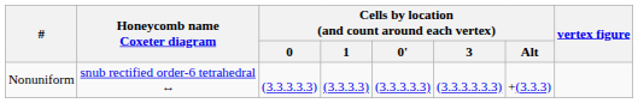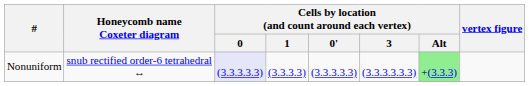 <table class="wikitable">
 <tr>
 <th rowspan=2>#</th>
 <th rowspan=2>Honeycomb name<br><a href='#'>Coxeter diagram</a></th>
 <th colspan=5>Cells by location<br>(and count around each vertex)</th>
 <th rowspan=2><a href='#'>vertex figure</a></th>
 </tr>
 <tr>
 <th>0<br></th>
 <th>1<br></th>
 <th>0'<br></th>
 <th>3<br></th>
 <th>Alt</th>
 </tr>
 <tr align=center>
 <td>Nonuniform</td>
 <td><a href='#'>snub rectified order-6 tetrahedral</a><br> ↔ </td>
-<td><br><a href='#'>(3.3.3.3.3)</a></td>
+<td style="background: lavender;"><br><a href='#'>(3.3.3.3.3)</a></td>
 <td><br><a href='#'>(3.3.3.3)</a></td>
 <td><br><a href='#'>(3.3.3.3.3)</a></td>
 <td><br><a href='#'>(3.3.3.3.3.3)</a></td>
-<td><br>+<a href='#'>(3.3.3)</a></td>
+<td style="background: lightgreen;"><br>+<a href='#'>(3.3.3)</a></td>
 <td></td>
 </tr>
 </table>
